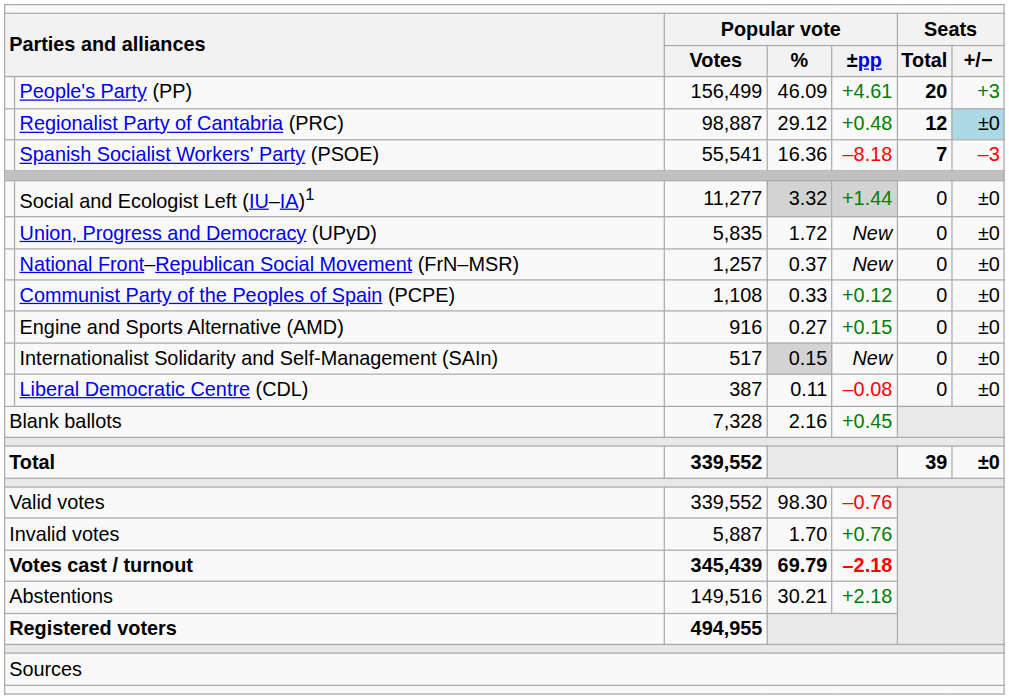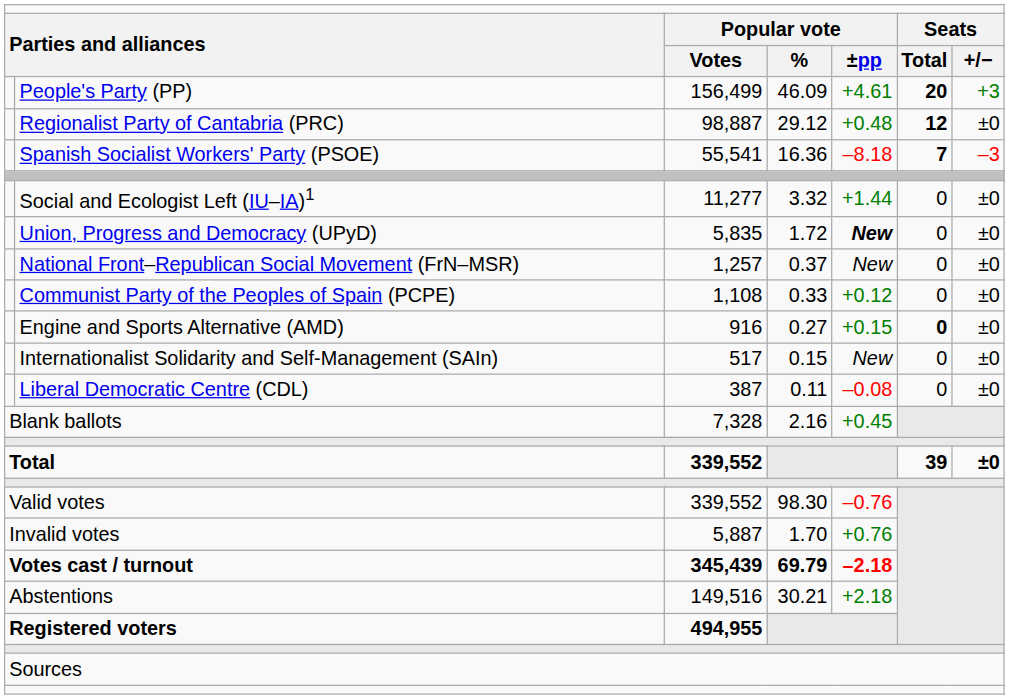 <table class="wikitable" style="text-align:right;">
 <tr>
 <td colspan="7"></td>
 </tr>
 <tr>
 <th style="text-align:left;" rowspan="2" colspan="2" width="525">Parties and alliances</th>
 <th colspan="3">Popular vote</th>
 <th colspan="2">Seats</th>
 </tr>
 <tr>
 <th width="75">Votes</th>
 <th width="45">%</th>
 <th width="45">±<a href='#'>pp</a></th>
 <th width="35">Total</th>
 <th width="35">+/−</th>
 </tr>
 <tr>
 <td width="1" style="color:inherit;background:"></td>
 <td align="left"><a href='#'>People's Party</a> (PP)</td>
 <td>156,499</td>
 <td>46.09</td>
 <td style="color:green;">+4.61</td>
 <td><strong>20</strong></td>
 <td style="color:green;">+3</td>
 </tr>
 <tr>
 <td style="color:inherit;background:"></td>
 <td align="left"><a href='#'>Regionalist Party of Cantabria</a> (PRC)</td>
 <td>98,887</td>
 <td>29.12</td>
 <td style="color:green;">+0.48</td>
 <td><strong>12</strong></td>
-<td style="background: lightblue;">±0</td>
+<td>±0</td>
 </tr>
 <tr>
 <td style="color:inherit;background:"></td>
 <td align="left"><a href='#'>Spanish Socialist Workers' Party</a> (PSOE)</td>
 <td>55,541</td>
 <td>16.36</td>
 <td style="color:red;">–8.18</td>
 <td><strong>7</strong></td>
 <td style="color:red;">–3</td>
 </tr>
 <tr>
 <td colspan="7" bgcolor="#C0C0C0"></td>
 </tr>
 <tr>
 <td style="color:inherit;background:"></td>
 <td align="left">Social and Ecologist Left (<a href='#'>IU</a>–<a href='#'>IA</a>)<sup>1</sup></td>
 <td>11,277</td>
-<td style="background: lightgrey;">3.32</td>
-<td style="background: lightgrey; color:green;">+1.44</td>
+<td>3.32</td>
+<td style="color:green;">+1.44</td>
 <td>0</td>
 <td>±0</td>
 </tr>
 <tr>
 <td style="color:inherit;background:"></td>
 <td align="left"><a href='#'>Union, Progress and Democracy</a> (UPyD)</td>
 <td>5,835</td>
 <td>1.72</td>
-<td><em>New</em></td>
+<td><strong><em>New</em></strong></td>
 <td>0</td>
 <td>±0</td>
 </tr>
 <tr>
 <td style="color:inherit;background:"></td>
 <td align="left"><a href='#'>National Front</a>–<a href='#'>Republican Social Movement</a> (FrN–MSR)</td>
 <td>1,257</td>
 <td>0.37</td>
 <td><em>New</em></td>
 <td>0</td>
 <td>±0</td>
 </tr>
 <tr>
 <td style="color:inherit;background:"></td>
 <td align="left"><a href='#'>Communist Party of the Peoples of Spain</a> (PCPE)</td>
 <td>1,108</td>
 <td>0.33</td>
 <td style="color:green;">+0.12</td>
 <td>0</td>
 <td>±0</td>
 </tr>
 <tr>
 <td style="color:inherit;background:"></td>
 <td align="left">Engine and Sports Alternative (AMD)</td>
 <td>916</td>
 <td>0.27</td>
 <td style="color:green;">+0.15</td>
-<td>0</td>
+<td><strong>0</strong></td>
 <td>±0</td>
 </tr>
 <tr>
 <td style="color:inherit;background:"></td>
 <td align="left">Internationalist Solidarity and Self-Management (SAIn)</td>
 <td>517</td>
-<td style="background: lightgrey;">0.15</td>
+<td>0.15</td>
 <td><em>New</em></td>
 <td>0</td>
 <td>±0</td>
 </tr>
 <tr>
 <td style="color:inherit;background:"></td>
 <td align="left"><a href='#'>Liberal Democratic Centre</a> (CDL)</td>
 <td>387</td>
 <td>0.11</td>
 <td style="color:red;">–0.08</td>
 <td>0</td>
 <td>±0</td>
 </tr>
 <tr>
 <td align="left" colspan="2">Blank ballots</td>
 <td>7,328</td>
 <td>2.16</td>
 <td style="color:green;">+0.45</td>
 <td bgcolor="#E9E9E9" colspan="2"></td>
 </tr>
 <tr>
 <td colspan="7" bgcolor="#E9E9E9"></td>
 </tr>
 <tr style="font-weight:bold;">
 <td align="left" colspan="2">Total</td>
 <td>339,552</td>
 <td bgcolor="#E9E9E9" colspan="2"></td>
 <td>39</td>
 <td>±0</td>
 </tr>
 <tr>
 <td colspan="7" bgcolor="#E9E9E9"></td>
 </tr>
 <tr>
 <td align="left" colspan="2">Valid votes</td>
 <td>339,552</td>
 <td>98.30</td>
 <td style="color:red;">–0.76</td>
 <td bgcolor="#E9E9E9" colspan="2" rowspan="5"></td>
 </tr>
 <tr>
 <td align="left" colspan="2">Invalid votes</td>
 <td>5,887</td>
 <td>1.70</td>
 <td style="color:green;">+0.76</td>
 </tr>
 <tr style="font-weight:bold;">
 <td align="left" colspan="2">Votes cast / turnout</td>
 <td>345,439</td>
 <td>69.79</td>
 <td style="color:red;">–2.18</td>
 </tr>
 <tr>
 <td align="left" colspan="2">Abstentions</td>
 <td>149,516</td>
 <td>30.21</td>
 <td style="color:green;">+2.18</td>
 </tr>
 <tr style="font-weight:bold;">
 <td align="left" colspan="2">Registered voters</td>
 <td>494,955</td>
 <td bgcolor="#E9E9E9" colspan="2"></td>
 </tr>
 <tr>
 <td colspan="7" bgcolor="#E9E9E9"></td>
 </tr>
 <tr>
 <td align="left" colspan="7">Sources</td>
 </tr>
 <tr>
 <td colspan="7" style="text-align:left; max-width:790px;"></td>
 </tr>
 </table>
